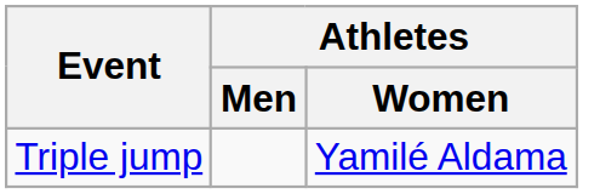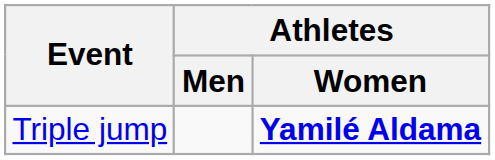 <table class=wikitable style="font-size:90%">
 <tr>
 <th rowspan=2>Event</th>
 <th colspan=2>Athletes</th>
 </tr>
 <tr>
 <th>Men</th>
 <th>Women</th>
 </tr>
 <tr>
 <td><a href='#'>Triple jump</a></td>
 <td></td>
-<td><a href='#'>Yamilé Aldama</a></td>
+<td><strong><a href='#'>Yamilé Aldama</a></strong></td>
 </tr>
 </table>
